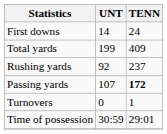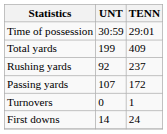 <table class="wikitable">
 <tr>
 <th>Statistics</th>
 <th>UNT</th>
 <th>TENN</th>
 </tr>
 <tr>
-<td>First downs</td>
-<td>14</td>
-<td>24</td>
+<td>Time of possession</td>
+<td>30:59</td>
+<td>29:01</td>
 </tr>
 <tr>
 <td>Total yards</td>
 <td>199</td>
 <td>409</td>
 </tr>
 <tr>
 <td>Rushing yards</td>
 <td>92</td>
 <td>237</td>
 </tr>
 <tr>
 <td>Passing yards</td>
 <td>107</td>
-<td><strong>172</strong></td>
+<td>172</td>
 </tr>
 <tr>
 <td>Turnovers</td>
 <td>0</td>
 <td>1</td>
 </tr>
 <tr>
-<td>Time of possession</td>
-<td>30:59</td>
-<td>29:01</td>
+<td>First downs</td>
+<td>14</td>
+<td>24</td>
 </tr>
 <tr>
 </tr>
 </table>
